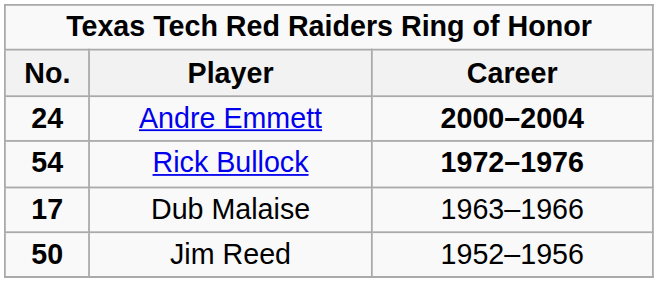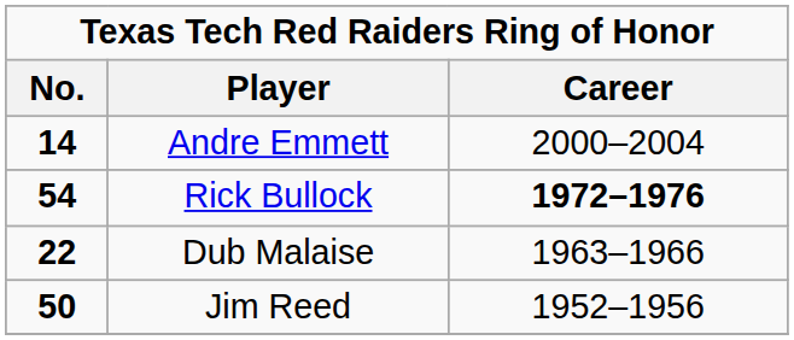 <table class="wikitable sortable" style="text-align:center">
 <tr>
 <td colspan="5"><strong>Texas Tech Red Raiders Ring of Honor</strong></td>
 </tr>
 <tr>
 <th width=40px>No.</th>
 <th width=150px>Player</th>
 <th width=150px>Career</th>
 </tr>
 <tr>
-<td><strong>24</strong></td>
+<td><strong>14</strong></td>
 <td><a href='#'>Andre Emmett</a></td>
-<td><strong>2000–2004</strong></td>
+<td>2000–2004</td>
 </tr>
 <tr>
 <td><strong>54</strong></td>
 <td><a href='#'>Rick Bullock</a></td>
 <td><strong>1972–1976</strong></td>
 </tr>
 <tr>
-<td><strong>17</strong></td>
+<td><strong>22</strong></td>
 <td>Dub Malaise</td>
 <td>1963–1966</td>
 </tr>
 <tr>
 <td><strong>50</strong></td>
 <td>Jim Reed</td>
 <td>1952–1956</td>
 </tr>
 <tr>
 </tr>
 </table>
